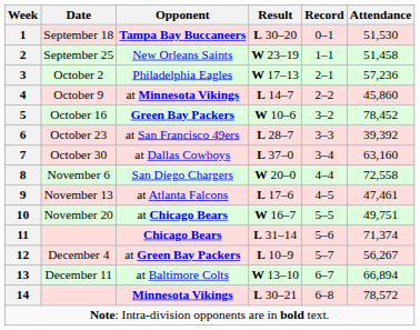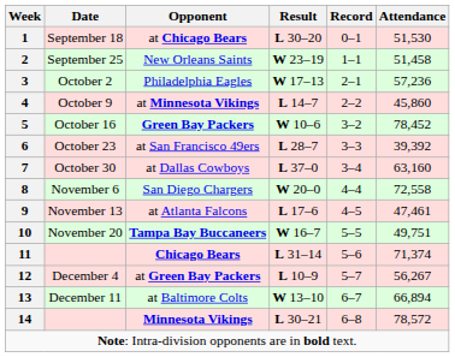 <table class="wikitable"  style="text-align: center;">
 <tr>
 <th>Week</th>
 <th>Date</th>
 <th>Opponent</th>
 <th>Result</th>
 <th>Record</th>
 <th>Attendance</th>
 </tr>
 <tr style="background: #ffdddd;">
 <th>1</th>
 <td>September 18</td>
-<td><strong><a href='#'>Tampa Bay Buccaneers</a></strong></td>
+<td>at <strong><a href='#'>Chicago Bears</a></strong></td>
 <td><strong>L</strong> 30–20</td>
 <td>0–1</td>
 <td>51,530</td>
 </tr>
 <tr style="background: #ddffdd;">
 <th>2</th>
 <td>September 25</td>
 <td><a href='#'>New Orleans Saints</a></td>
 <td><strong>W</strong> 23–19</td>
 <td>1–1</td>
 <td>51,458</td>
 </tr>
 <tr style="background: #ddffdd;">
 <th>3</th>
 <td>October 2</td>
 <td><a href='#'>Philadelphia Eagles</a></td>
 <td><strong>W</strong> 17–13</td>
 <td>2–1</td>
 <td>57,236</td>
 </tr>
 <tr style="background: #ffdddd;">
 <th>4</th>
 <td>October 9</td>
 <td>at <strong><a href='#'>Minnesota Vikings</a></strong></td>
 <td><strong>L</strong> 14–7</td>
 <td>2–2</td>
 <td>45,860</td>
 </tr>
 <tr style="background: #ddffdd;">
 <th>5</th>
 <td>October 16</td>
 <td><strong><a href='#'>Green Bay Packers</a></strong></td>
 <td><strong>W</strong> 10–6</td>
 <td>3–2</td>
 <td>78,452</td>
 </tr>
 <tr style="background: #ffdddd;">
 <th>6</th>
 <td>October 23</td>
 <td>at <a href='#'>San Francisco 49ers</a></td>
 <td><strong>L</strong> 28–7</td>
 <td>3–3</td>
 <td>39,392</td>
 </tr>
 <tr style="background: #ffdddd;">
 <th>7</th>
 <td>October 30</td>
 <td>at <a href='#'>Dallas Cowboys</a></td>
 <td><strong>L</strong> 37–0</td>
 <td>3–4</td>
 <td>63,160</td>
 </tr>
 <tr style="background: #ddffdd;">
 <th>8</th>
 <td>November 6</td>
 <td><a href='#'>San Diego Chargers</a></td>
 <td><strong>W</strong> 20–0</td>
 <td>4–4</td>
 <td>72,558</td>
 </tr>
 <tr style="background: #ffdddd;">
 <th>9</th>
 <td>November 13</td>
 <td>at <a href='#'>Atlanta Falcons</a></td>
 <td><strong>L</strong> 17–6</td>
 <td>4–5</td>
 <td>47,461</td>
 </tr>
 <tr style="background: #ddffdd;">
 <th>10</th>
 <td>November 20</td>
-<td>at <strong><a href='#'>Chicago Bears</a></strong></td>
+<td><strong><a href='#'>Tampa Bay Buccaneers</a></strong></td>
 <td><strong>W</strong> 16–7</td>
 <td>5–5</td>
 <td>49,751</td>
 </tr>
 <tr style="background: #ffdddd;">
 <th>11</th>
 <td></td>
 <td><strong><a href='#'>Chicago Bears</a></strong></td>
 <td><strong>L</strong> 31–14</td>
 <td>5–6</td>
 <td>71,374</td>
 </tr>
 <tr style="background: #ffdddd;">
 <th>12</th>
 <td>December 4</td>
 <td>at <strong><a href='#'>Green Bay Packers</a></strong></td>
 <td><strong>L</strong> 10–9</td>
 <td>5–7</td>
 <td>56,267</td>
 </tr>
 <tr style="background: #ddffdd;">
 <th>13</th>
 <td>December 11</td>
 <td>at <a href='#'>Baltimore Colts</a></td>
 <td><strong>W</strong> 13–10</td>
 <td>6–7</td>
 <td>66,894</td>
 </tr>
 <tr style="background: #ffdddd;">
 <th>14</th>
 <td></td>
 <td><strong><a href='#'>Minnesota Vikings</a></strong></td>
 <td><strong>L</strong> 30–21</td>
 <td>6–8</td>
 <td>78,572</td>
 </tr>
 <tr>
 <td colspan="6"><strong>Note</strong>: Intra-division opponents are in <strong>bold</strong> text.</td>
 </tr>
 </table>
